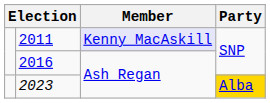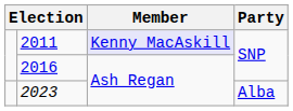 <table class="wikitable">
 <tr>
 <th colspan="2">Election</th>
 <th>Member</th>
 <th>Party</th>
 </tr>
 <tr>
 <td rowspan=2 style="background-color: "></td>
 <td><a href='#'>2011</a></td>
 <td style="background: lavender;"><a href='#'>Kenny MacAskill</a></td>
 <td rowspan=2><a href='#'>SNP</a></td>
 </tr>
 <tr>
 <td><a href='#'>2016</a></td>
 <td rowspan="2"><a href='#'>Ash Regan</a></td>
 </tr>
 <tr>
 <td style="background-color: "></td>
 <td><em>2023</em></td>
-<td style="background: gold;"><a href='#'>Alba</a></td>
+<td><a href='#'>Alba</a></td>
 </tr>
 </table>
